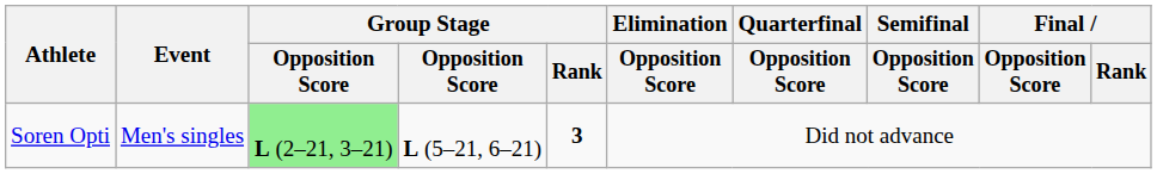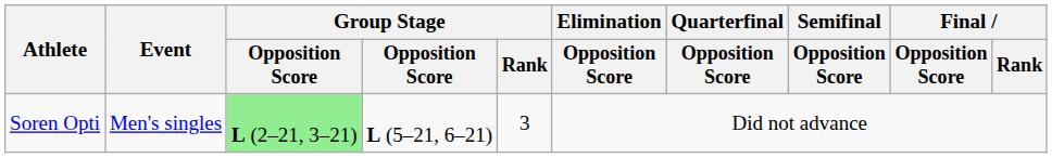 <table class="wikitable" style="font-size:90%">
 <tr>
 <th rowspan=2>Athlete</th>
 <th rowspan=2>Event</th>
 <th colspan=3>Group Stage</th>
 <th>Elimination</th>
 <th>Quarterfinal</th>
 <th>Semifinal</th>
 <th colspan=2>Final / </th>
 </tr>
 <tr style="font-size:95%">
 <th>Opposition<br>Score</th>
 <th>Opposition<br>Score</th>
 <th>Rank</th>
 <th>Opposition<br>Score</th>
 <th>Opposition<br>Score</th>
 <th>Opposition<br>Score</th>
 <th>Opposition<br>Score</th>
 <th>Rank</th>
 </tr>
 <tr align=center>
 <td align=left><a href='#'>Soren Opti</a></td>
 <td align=left><a href='#'>Men's singles</a></td>
 <td style="background: lightgreen;"><br><strong>L</strong> (2–21, 3–21)</td>
 <td><br><strong>L</strong> (5–21, 6–21)</td>
-<td><strong>3</strong></td>
+<td>3</td>
 <td colspan=5>Did not advance</td>
 </tr>
 </table>
